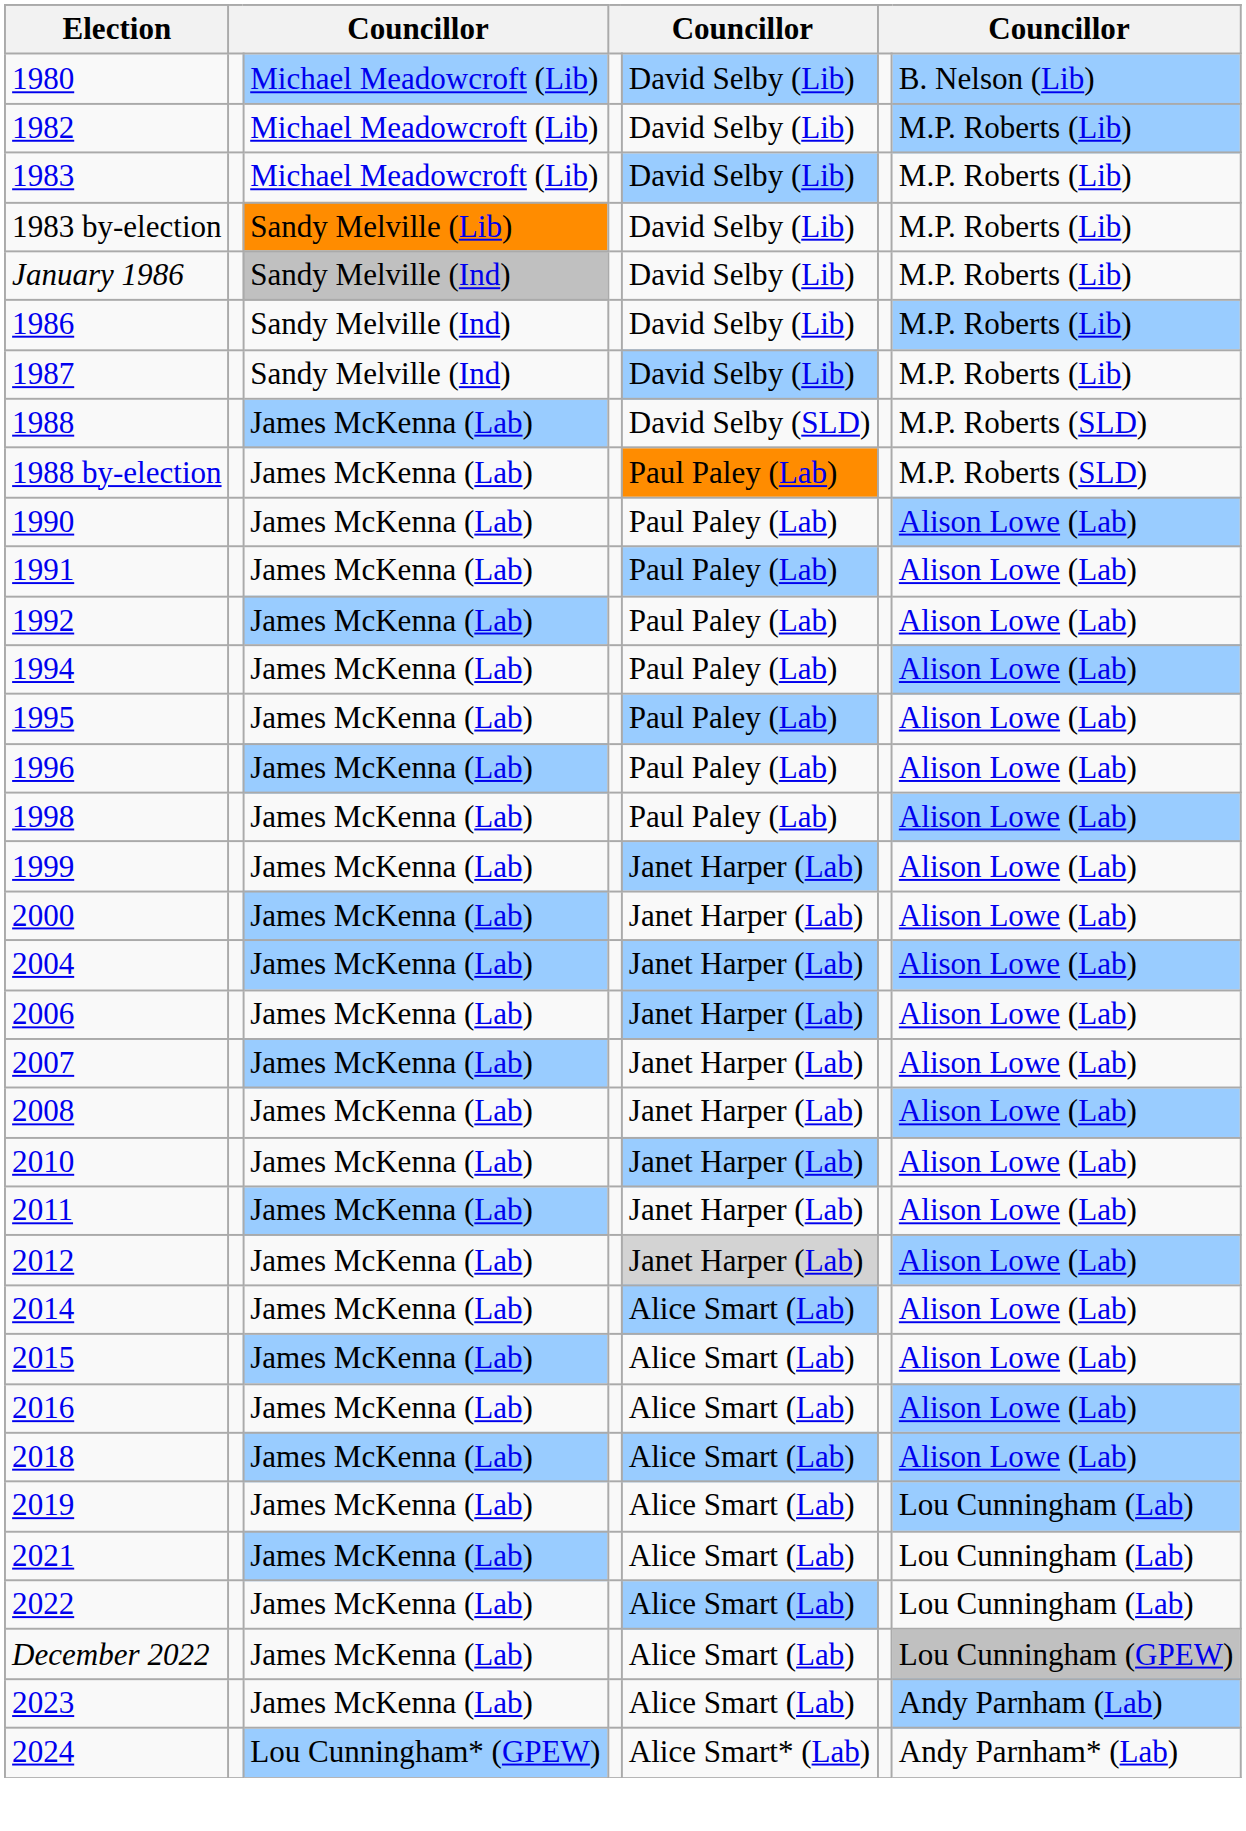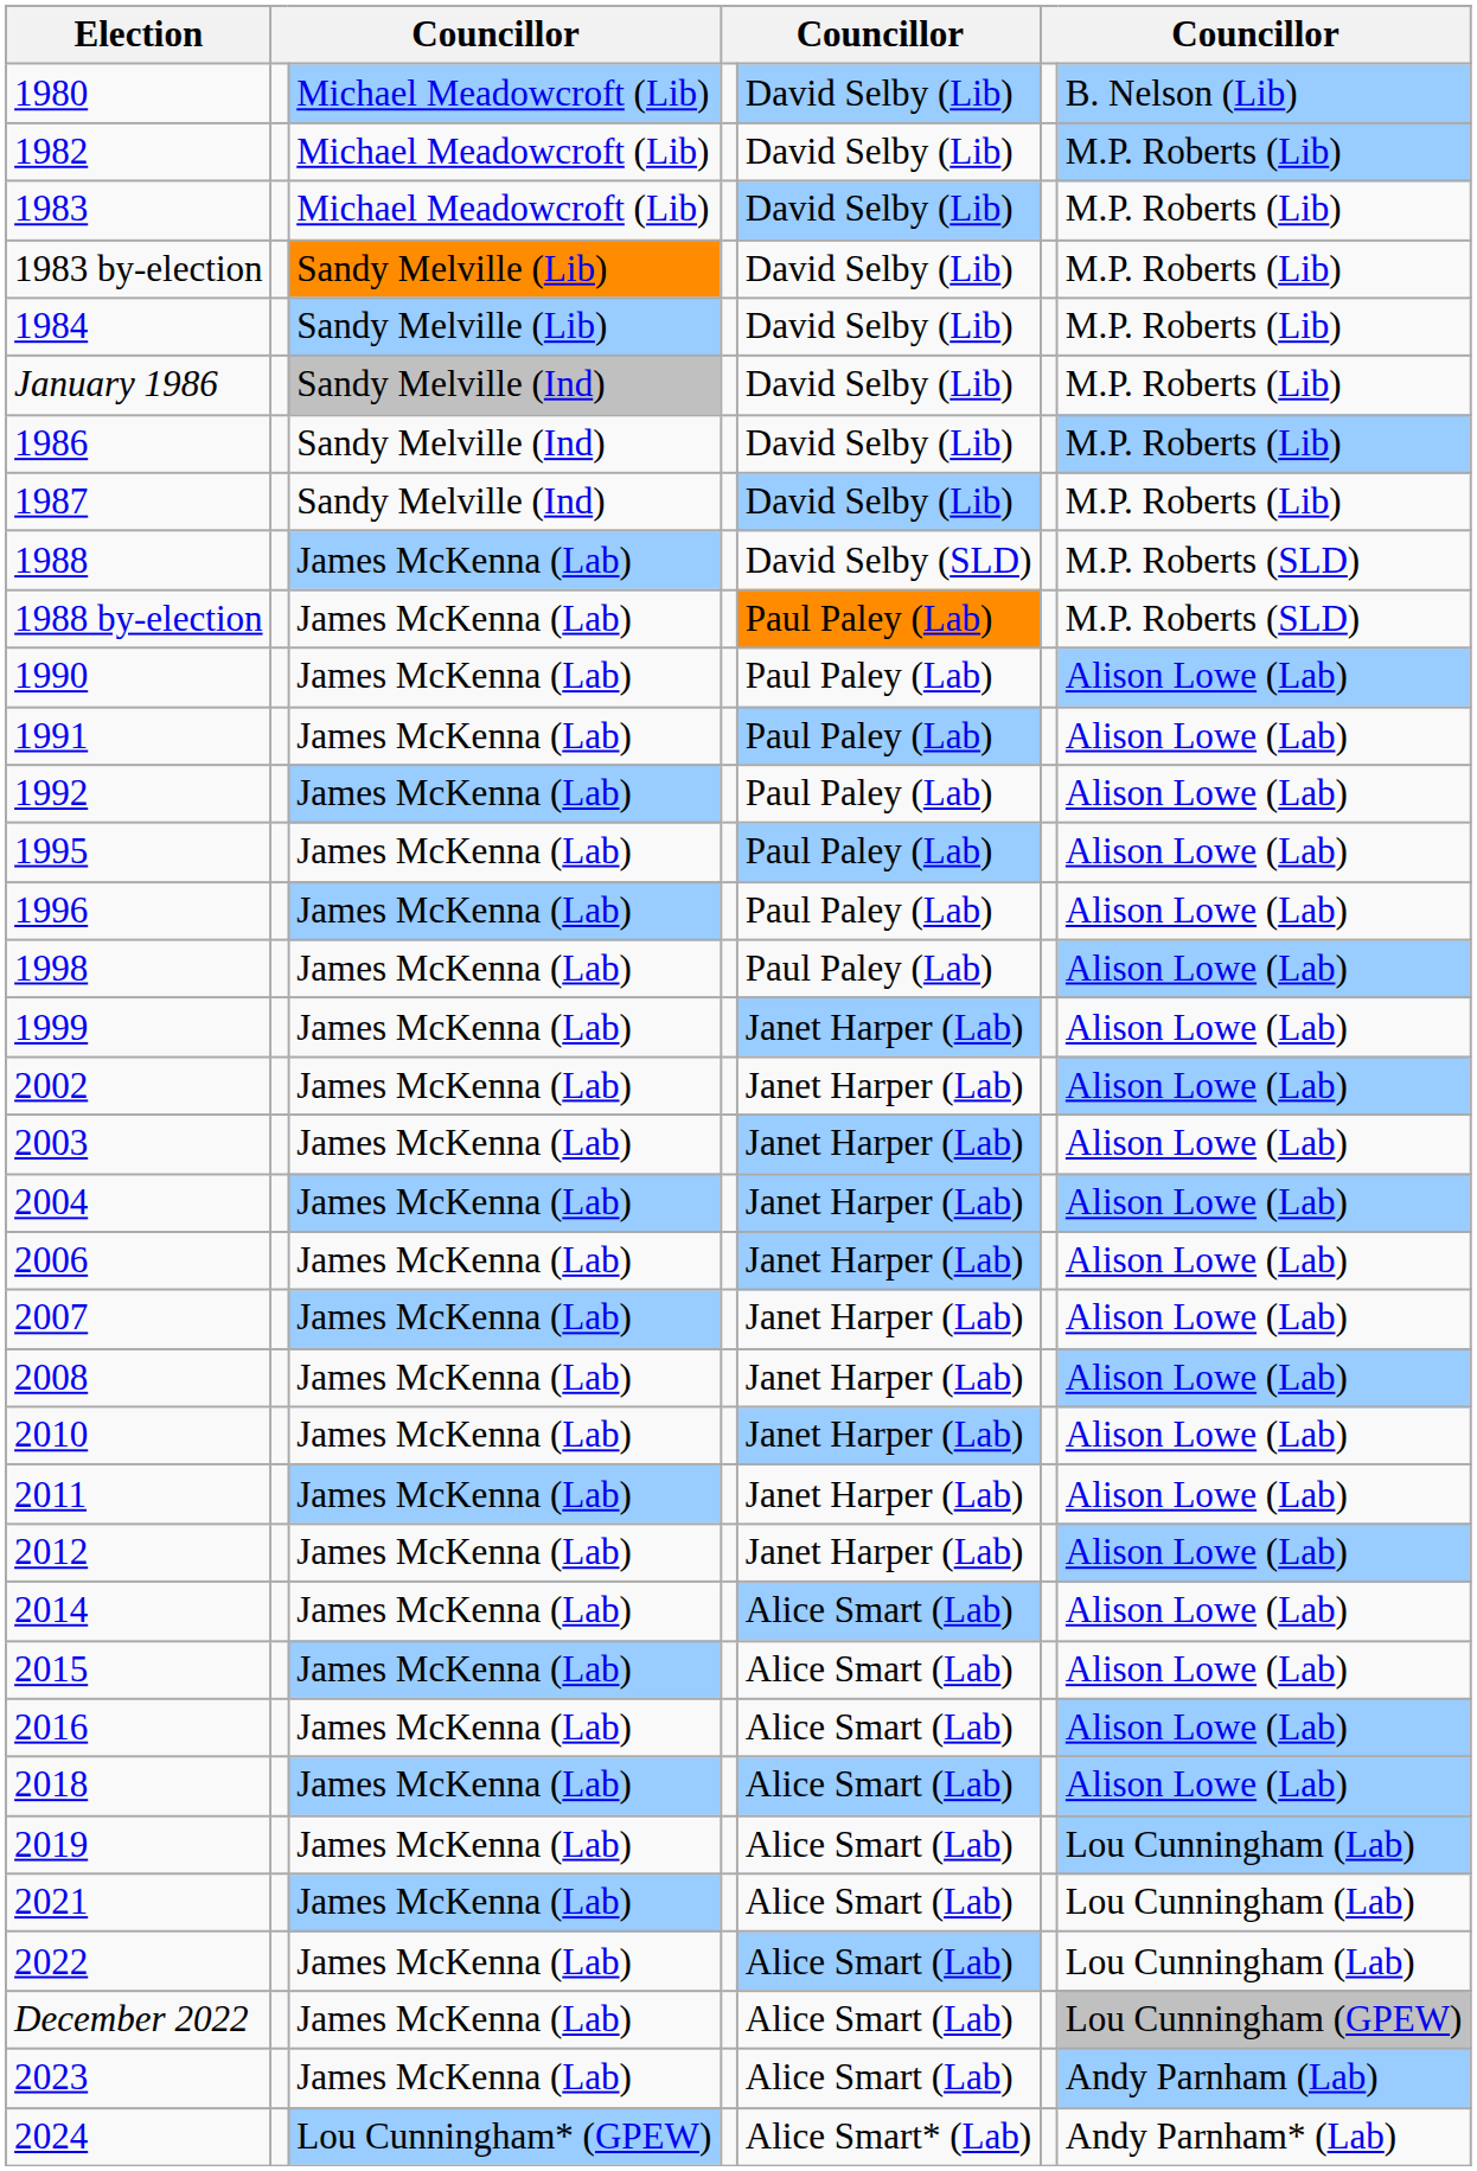 <table class="wikitable">
 <tr>
 <th>Election</th>
 <th colspan="2">Councillor</th>
 <th colspan="2">Councillor</th>
 <th colspan="2">Councillor</th>
 </tr>
 <tr>
 <td><a href='#'>1980</a></td>
 <td style="background-color: "></td>
 <td bgcolor="#99CCFF"><a href='#'>Michael Meadowcroft</a> (<a href='#'>Lib</a>)</td>
 <td style="background-color: "></td>
 <td bgcolor="#99CCFF">David Selby (<a href='#'>Lib</a>)</td>
 <td style="background-color: "></td>
 <td bgcolor="#99CCFF">B. Nelson (<a href='#'>Lib</a>)</td>
 </tr>
 <tr>
 <td><a href='#'>1982</a></td>
 <td style="background-color: "></td>
 <td><a href='#'>Michael Meadowcroft</a> (<a href='#'>Lib</a>)</td>
 <td style="background-color: "></td>
 <td>David Selby (<a href='#'>Lib</a>)</td>
 <td style="background-color: "></td>
 <td bgcolor="#99CCFF">M.P. Roberts (<a href='#'>Lib</a>)</td>
 </tr>
 <tr>
 <td><a href='#'>1983</a></td>
 <td style="background-color: "></td>
 <td><a href='#'>Michael Meadowcroft</a> (<a href='#'>Lib</a>)</td>
 <td style="background-color: "></td>
 <td bgcolor="#99CCFF">David Selby (<a href='#'>Lib</a>)</td>
 <td style="background-color: "></td>
 <td>M.P. Roberts (<a href='#'>Lib</a>)</td>
 </tr>
 <tr>
 <td>1983 by-election</td>
 <td style="background-color: "></td>
 <td bgcolor="#FF8C00">Sandy Melville (<a href='#'>Lib</a>)</td>
+<td style="background-color: "></td>
+<td>David Selby (<a href='#'>Lib</a>)</td>
+<td style="background-color: "></td>
+<td>M.P. Roberts (<a href='#'>Lib</a>)</td>
+</tr>
+<tr>
+<td><a href='#'>1984</a></td>
+<td style="background-color: "></td>
+<td bgcolor="#99CCFF">Sandy Melville (<a href='#'>Lib</a>)</td>
 <td style="background-color: "></td>
 <td>David Selby (<a href='#'>Lib</a>)</td>
 <td style="background-color: "></td>
 <td>M.P. Roberts (<a href='#'>Lib</a>)</td>
 </tr>
 <tr>
 <td><em>January 1986</em></td>
 <td style="background-color: "></td>
 <td bgcolor="#C0C0C0">Sandy Melville (<a href='#'>Ind</a>)</td>
 <td style="background-color: "></td>
 <td>David Selby (<a href='#'>Lib</a>)</td>
 <td style="background-color: "></td>
 <td>M.P. Roberts (<a href='#'>Lib</a>)</td>
 </tr>
 <tr>
 <td><a href='#'>1986</a></td>
 <td style="background-color: "></td>
 <td>Sandy Melville (<a href='#'>Ind</a>)</td>
 <td style="background-color: "></td>
 <td>David Selby (<a href='#'>Lib</a>)</td>
 <td style="background-color: "></td>
 <td bgcolor="#99CCFF">M.P. Roberts (<a href='#'>Lib</a>)</td>
 </tr>
 <tr>
 <td><a href='#'>1987</a></td>
 <td style="background-color: "></td>
 <td>Sandy Melville (<a href='#'>Ind</a>)</td>
 <td style="background-color: "></td>
 <td bgcolor="#99CCFF">David Selby (<a href='#'>Lib</a>)</td>
 <td style="background-color: "></td>
 <td>M.P. Roberts (<a href='#'>Lib</a>)</td>
 </tr>
 <tr>
 <td><a href='#'>1988</a></td>
 <td style="background-color: "></td>
 <td bgcolor="#99CCFF">James McKenna (<a href='#'>Lab</a>)</td>
 <td style="background-color: "></td>
 <td>David Selby (<a href='#'>SLD</a>)</td>
 <td style="background-color: "></td>
 <td>M.P. Roberts (<a href='#'>SLD</a>)</td>
 </tr>
 <tr>
 <td><a href='#'>1988 by-election</a></td>
 <td style="background-color: "></td>
 <td>James McKenna (<a href='#'>Lab</a>)</td>
 <td style="background-color: "></td>
 <td bgcolor="#FF8C00">Paul Paley (<a href='#'>Lab</a>)</td>
 <td style="background-color: "></td>
 <td>M.P. Roberts (<a href='#'>SLD</a>)</td>
 </tr>
 <tr>
 <td><a href='#'>1990</a></td>
 <td style="background-color: "></td>
 <td>James McKenna (<a href='#'>Lab</a>)</td>
 <td style="background-color: "></td>
 <td>Paul Paley (<a href='#'>Lab</a>)</td>
 <td style="background-color: "></td>
 <td bgcolor="#99CCFF"><a href='#'>Alison Lowe</a> (<a href='#'>Lab</a>)</td>
 </tr>
 <tr>
 <td><a href='#'>1991</a></td>
 <td style="background-color: "></td>
 <td>James McKenna (<a href='#'>Lab</a>)</td>
 <td style="background-color: "></td>
 <td bgcolor="#99CCFF">Paul Paley (<a href='#'>Lab</a>)</td>
 <td style="background-color: "></td>
 <td><a href='#'>Alison Lowe</a> (<a href='#'>Lab</a>)</td>
 </tr>
 <tr>
 <td><a href='#'>1992</a></td>
 <td style="background-color: "></td>
 <td bgcolor="#99CCFF">James McKenna (<a href='#'>Lab</a>)</td>
 <td style="background-color: "></td>
 <td>Paul Paley (<a href='#'>Lab</a>)</td>
 <td style="background-color: "></td>
 <td><a href='#'>Alison Lowe</a> (<a href='#'>Lab</a>)</td>
 </tr>
 <tr>
-<td><a href='#'>1994</a></td>
-<td style="background-color: "></td>
-<td>James McKenna (<a href='#'>Lab</a>)</td>
-<td style="background-color: "></td>
-<td>Paul Paley (<a href='#'>Lab</a>)</td>
-<td style="background-color: "></td>
-<td bgcolor="#99CCFF"><a href='#'>Alison Lowe</a> (<a href='#'>Lab</a>)</td>
-</tr>
-<tr>
 <td><a href='#'>1995</a></td>
 <td style="background-color: "></td>
 <td>James McKenna (<a href='#'>Lab</a>)</td>
 <td style="background-color: "></td>
 <td bgcolor="#99CCFF">Paul Paley (<a href='#'>Lab</a>)</td>
 <td style="background-color: "></td>
 <td><a href='#'>Alison Lowe</a> (<a href='#'>Lab</a>)</td>
 </tr>
 <tr>
 <td><a href='#'>1996</a></td>
 <td style="background-color: "></td>
 <td bgcolor="#99CCFF">James McKenna (<a href='#'>Lab</a>)</td>
 <td style="background-color: "></td>
 <td>Paul Paley (<a href='#'>Lab</a>)</td>
 <td style="background-color: "></td>
 <td><a href='#'>Alison Lowe</a> (<a href='#'>Lab</a>)</td>
 </tr>
 <tr>
 <td><a href='#'>1998</a></td>
 <td style="background-color: "></td>
 <td>James McKenna (<a href='#'>Lab</a>)</td>
 <td style="background-color: "></td>
 <td>Paul Paley (<a href='#'>Lab</a>)</td>
 <td style="background-color: "></td>
 <td bgcolor="#99CCFF"><a href='#'>Alison Lowe</a> (<a href='#'>Lab</a>)</td>
 </tr>
 <tr>
 <td><a href='#'>1999</a></td>
 <td style="background-color: "></td>
 <td>James McKenna (<a href='#'>Lab</a>)</td>
 <td style="background-color: "></td>
 <td bgcolor="#99CCFF">Janet Harper (<a href='#'>Lab</a>)</td>
 <td style="background-color: "></td>
 <td><a href='#'>Alison Lowe</a> (<a href='#'>Lab</a>)</td>
 </tr>
 <tr>
-<td><a href='#'>2000</a></td>
+<td><a href='#'>2002</a></td>
 <td style="background-color: "></td>
-<td bgcolor="#99CCFF">James McKenna (<a href='#'>Lab</a>)</td>
+<td>James McKenna (<a href='#'>Lab</a>)</td>
 <td style="background-color: "></td>
 <td>Janet Harper (<a href='#'>Lab</a>)</td>
+<td style="background-color: "></td>
+<td bgcolor="#99CCFF"><a href='#'>Alison Lowe</a> (<a href='#'>Lab</a>)</td>
+</tr>
+<tr>
+<td><a href='#'>2003</a></td>
+<td style="background-color: "></td>
+<td>James McKenna (<a href='#'>Lab</a>)</td>
+<td style="background-color: "></td>
+<td bgcolor="#99CCFF">Janet Harper (<a href='#'>Lab</a>)</td>
 <td style="background-color: "></td>
 <td><a href='#'>Alison Lowe</a> (<a href='#'>Lab</a>)</td>
 </tr>
 <tr>
 <td><a href='#'>2004</a></td>
 <td style="background-color: "></td>
 <td bgcolor="#99CCFF">James McKenna (<a href='#'>Lab</a>)</td>
 <td style="background-color: "></td>
 <td bgcolor="#99CCFF">Janet Harper (<a href='#'>Lab</a>)</td>
 <td style="background-color: "></td>
 <td bgcolor="#99CCFF"><a href='#'>Alison Lowe</a> (<a href='#'>Lab</a>)</td>
 </tr>
 <tr>
 <td><a href='#'>2006</a></td>
 <td style="background-color: "></td>
 <td>James McKenna (<a href='#'>Lab</a>)</td>
 <td style="background-color: "></td>
 <td bgcolor="#99CCFF">Janet Harper (<a href='#'>Lab</a>)</td>
 <td style="background-color: "></td>
 <td><a href='#'>Alison Lowe</a> (<a href='#'>Lab</a>)</td>
 </tr>
 <tr>
 <td><a href='#'>2007</a></td>
 <td style="background-color: "></td>
 <td bgcolor="#99CCFF">James McKenna (<a href='#'>Lab</a>)</td>
 <td style="background-color: "></td>
 <td>Janet Harper (<a href='#'>Lab</a>)</td>
 <td style="background-color: "></td>
 <td><a href='#'>Alison Lowe</a> (<a href='#'>Lab</a>)</td>
 </tr>
 <tr>
 <td><a href='#'>2008</a></td>
 <td style="background-color: "></td>
 <td>James McKenna (<a href='#'>Lab</a>)</td>
 <td style="background-color: "></td>
 <td>Janet Harper (<a href='#'>Lab</a>)</td>
 <td style="background-color: "></td>
 <td bgcolor="#99CCFF"><a href='#'>Alison Lowe</a> (<a href='#'>Lab</a>)</td>
 </tr>
 <tr>
 <td><a href='#'>2010</a></td>
 <td style="background-color: "></td>
 <td>James McKenna (<a href='#'>Lab</a>)</td>
 <td style="background-color: "></td>
 <td bgcolor="#99CCFF">Janet Harper (<a href='#'>Lab</a>)</td>
 <td style="background-color: "></td>
 <td><a href='#'>Alison Lowe</a> (<a href='#'>Lab</a>)</td>
 </tr>
 <tr>
 <td><a href='#'>2011</a></td>
 <td style="background-color: "></td>
 <td bgcolor="#99CCFF">James McKenna (<a href='#'>Lab</a>)</td>
 <td style="background-color: "></td>
 <td>Janet Harper (<a href='#'>Lab</a>)</td>
 <td style="background-color: "></td>
 <td><a href='#'>Alison Lowe</a> (<a href='#'>Lab</a>)</td>
 </tr>
 <tr>
 <td><a href='#'>2012</a></td>
 <td style="background-color: "></td>
 <td>James McKenna (<a href='#'>Lab</a>)</td>
 <td style="background-color: "></td>
-<td style="background: lightgrey;">Janet Harper (<a href='#'>Lab</a>)</td>
+<td>Janet Harper (<a href='#'>Lab</a>)</td>
 <td style="background-color: "></td>
 <td bgcolor="#99CCFF"><a href='#'>Alison Lowe</a> (<a href='#'>Lab</a>)</td>
 </tr>
 <tr>
 <td><a href='#'>2014</a></td>
 <td style="background-color: "></td>
 <td>James McKenna (<a href='#'>Lab</a>)</td>
 <td style="background-color: "></td>
 <td bgcolor="#99CCFF">Alice Smart (<a href='#'>Lab</a>)</td>
 <td style="background-color: "></td>
 <td><a href='#'>Alison Lowe</a> (<a href='#'>Lab</a>)</td>
 </tr>
 <tr>
 <td><a href='#'>2015</a></td>
 <td style="background-color: "></td>
 <td bgcolor="#99CCFF">James McKenna (<a href='#'>Lab</a>)</td>
 <td style="background-color: "></td>
 <td>Alice Smart (<a href='#'>Lab</a>)</td>
 <td style="background-color: "></td>
 <td><a href='#'>Alison Lowe</a> (<a href='#'>Lab</a>)</td>
 </tr>
 <tr>
 <td><a href='#'>2016</a></td>
 <td style="background-color: "></td>
 <td>James McKenna (<a href='#'>Lab</a>)</td>
 <td style="background-color: "></td>
 <td>Alice Smart (<a href='#'>Lab</a>)</td>
 <td style="background-color: "></td>
 <td bgcolor="#99CCFF"><a href='#'>Alison Lowe</a> (<a href='#'>Lab</a>)</td>
 </tr>
 <tr>
 <td><a href='#'>2018</a></td>
 <td style="background-color: "></td>
 <td bgcolor="#99CCFF">James McKenna (<a href='#'>Lab</a>)</td>
 <td style="background-color: "></td>
 <td bgcolor="#99CCFF">Alice Smart (<a href='#'>Lab</a>)</td>
 <td style="background-color: "></td>
 <td bgcolor="#99CCFF"><a href='#'>Alison Lowe</a> (<a href='#'>Lab</a>)</td>
 </tr>
 <tr>
 <td><a href='#'>2019</a></td>
 <td style="background-color: "></td>
 <td>James McKenna (<a href='#'>Lab</a>)</td>
 <td style="background-color: "></td>
 <td>Alice Smart (<a href='#'>Lab</a>)</td>
 <td style="background-color: "></td>
 <td bgcolor="#99CCFF">Lou Cunningham (<a href='#'>Lab</a>)</td>
 </tr>
 <tr>
 <td><a href='#'>2021</a></td>
 <td style="background-color: "></td>
 <td bgcolor="#99CCFF">James McKenna (<a href='#'>Lab</a>)</td>
 <td style="background-color: "></td>
 <td>Alice Smart (<a href='#'>Lab</a>)</td>
 <td style="background-color: "></td>
 <td>Lou Cunningham (<a href='#'>Lab</a>)</td>
 </tr>
 <tr>
 <td><a href='#'>2022</a></td>
 <td style="background-color: "></td>
 <td>James McKenna (<a href='#'>Lab</a>)</td>
 <td style="background-color: "></td>
 <td bgcolor="#99CCFF">Alice Smart (<a href='#'>Lab</a>)</td>
 <td style="background-color: "></td>
 <td>Lou Cunningham (<a href='#'>Lab</a>)</td>
 </tr>
 <tr>
 <td><em>December 2022</em></td>
 <td style="background-color: "></td>
 <td>James McKenna (<a href='#'>Lab</a>)</td>
 <td style="background-color: "></td>
 <td>Alice Smart (<a href='#'>Lab</a>)</td>
 <td style="background-color: "></td>
 <td bgcolor="#C0C0C0">Lou Cunningham (<a href='#'>GPEW</a>)</td>
 </tr>
 <tr>
 <td><a href='#'>2023</a></td>
 <td style="background-color: "></td>
 <td>James McKenna (<a href='#'>Lab</a>)</td>
 <td style="background-color: "></td>
 <td>Alice Smart (<a href='#'>Lab</a>)</td>
 <td style="background-color: "></td>
 <td bgcolor="#99CCFF">Andy Parnham (<a href='#'>Lab</a>)</td>
 </tr>
 <tr>
 <td><a href='#'>2024</a></td>
 <td style="background-color: "></td>
 <td bgcolor="#99CCFF">Lou Cunningham* (<a href='#'>GPEW</a>)</td>
 <td style="background-color: "></td>
 <td>Alice Smart* (<a href='#'>Lab</a>)</td>
 <td style="background-color: "></td>
 <td>Andy Parnham* (<a href='#'>Lab</a>)</td>
 </tr>
 </table>
